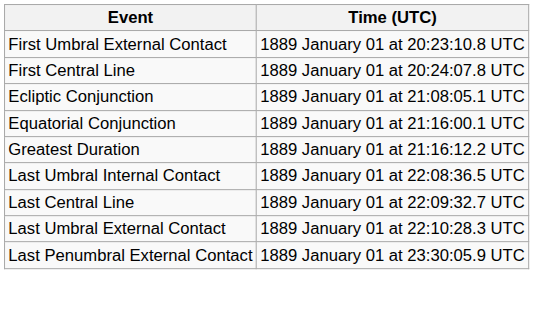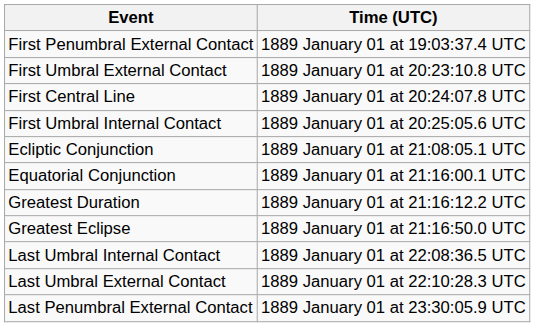 <table class="wikitable">
 <tr>
 <th>Event</th>
 <th>Time (UTC)</th>
+</tr>
+<tr>
+<td>First Penumbral External Contact</td>
+<td>1889 January 01 at 19:03:37.4 UTC</td>
 </tr>
 <tr>
 <td>First Umbral External Contact</td>
 <td>1889 January 01 at 20:23:10.8 UTC</td>
 </tr>
 <tr>
 <td>First Central Line</td>
 <td>1889 January 01 at 20:24:07.8 UTC</td>
+</tr>
+<tr>
+<td>First Umbral Internal Contact</td>
+<td>1889 January 01 at 20:25:05.6 UTC</td>
 </tr>
 <tr>
 <td>Ecliptic Conjunction</td>
 <td>1889 January 01 at 21:08:05.1 UTC</td>
 </tr>
 <tr>
 <td>Equatorial Conjunction</td>
 <td>1889 January 01 at 21:16:00.1 UTC</td>
 </tr>
 <tr>
 <td>Greatest Duration</td>
 <td>1889 January 01 at 21:16:12.2 UTC</td>
 </tr>
 <tr>
+<td>Greatest Eclipse</td>
+<td>1889 January 01 at 21:16:50.0 UTC</td>
+</tr>
+<tr>
 <td>Last Umbral Internal Contact</td>
 <td>1889 January 01 at 22:08:36.5 UTC</td>
-</tr>
-<tr>
-<td>Last Central Line</td>
-<td>1889 January 01 at 22:09:32.7 UTC</td>
 </tr>
 <tr>
 <td>Last Umbral External Contact</td>
 <td>1889 January 01 at 22:10:28.3 UTC</td>
 </tr>
 <tr>
 <td>Last Penumbral External Contact</td>
 <td>1889 January 01 at 23:30:05.9 UTC</td>
 </tr>
 </table>
